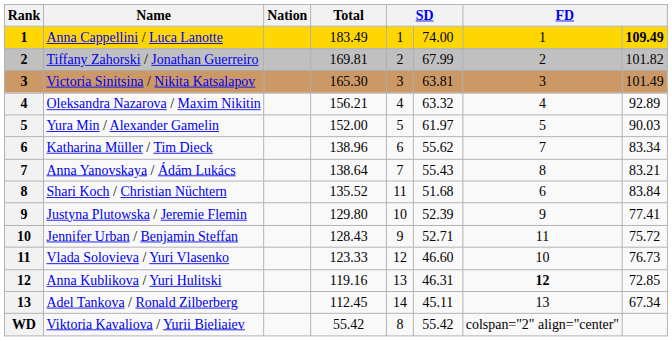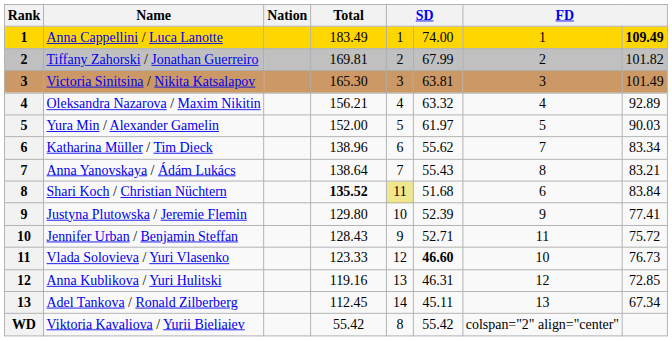 <table class="wikitable sortable">
 <tr>
 <th>Rank</th>
 <th>Name</th>
 <th>Nation</th>
 <th width="80px">Total</th>
 <th colspan="2" width="80px"><a href='#'>SD</a></th>
 <th colspan="2" width="80px"><a href='#'>FD</a></th>
 </tr>
 <tr bgcolor="gold">
 <td align="center"><strong>1</strong></td>
 <td><a href='#'>Anna Cappellini</a> / <a href='#'>Luca Lanotte</a></td>
 <td></td>
 <td align="center">183.49</td>
 <td align="center">1</td>
 <td align="center">74.00</td>
 <td align="center">1</td>
 <td align="center"><strong>109.49</strong></td>
 </tr>
 <tr bgcolor="silver">
 <td align="center"><strong>2</strong></td>
 <td><a href='#'>Tiffany Zahorski</a> / <a href='#'>Jonathan Guerreiro</a></td>
 <td></td>
 <td align="center">169.81</td>
 <td align="center">2</td>
 <td align="center">67.99</td>
 <td align="center">2</td>
 <td align="center">101.82</td>
 </tr>
 <tr bgcolor="cc9966">
 <td align="center"><strong>3</strong></td>
 <td><a href='#'>Victoria Sinitsina</a> / <a href='#'>Nikita Katsalapov</a></td>
 <td></td>
 <td align="center">165.30</td>
 <td align="center">3</td>
 <td align="center">63.81</td>
 <td align="center">3</td>
 <td align="center">101.49</td>
 </tr>
 <tr>
 <th>4</th>
 <td><a href='#'>Oleksandra Nazarova</a> / <a href='#'>Maxim Nikitin</a></td>
 <td></td>
 <td align="center">156.21</td>
 <td align="center">4</td>
 <td align="center">63.32</td>
 <td align="center">4</td>
 <td align="center">92.89</td>
 </tr>
 <tr>
 <th>5</th>
 <td><a href='#'>Yura Min</a> / <a href='#'>Alexander Gamelin</a></td>
 <td></td>
 <td align="center">152.00</td>
 <td align="center">5</td>
 <td align="center">61.97</td>
 <td align="center">5</td>
 <td align="center">90.03</td>
 </tr>
 <tr>
 <th>6</th>
 <td><a href='#'>Katharina Müller</a> / <a href='#'>Tim Dieck</a></td>
 <td></td>
 <td align="center">138.96</td>
 <td align="center">6</td>
 <td align="center">55.62</td>
 <td align="center">7</td>
 <td align="center">83.34</td>
 </tr>
 <tr>
 <th>7</th>
 <td><a href='#'>Anna Yanovskaya</a> / <a href='#'>Ádám Lukács</a></td>
 <td></td>
 <td align="center">138.64</td>
 <td align="center">7</td>
 <td align="center">55.43</td>
 <td align="center">8</td>
 <td align="center">83.21</td>
 </tr>
 <tr>
 <th>8</th>
 <td><a href='#'>Shari Koch</a> / <a href='#'>Christian Nüchtern</a></td>
 <td></td>
-<td align="center">135.52</td>
-<td align="center">11</td>
+<td align="center"><strong>135.52</strong></td>
+<td align="center" style="background: khaki;">11</td>
 <td align="center">51.68</td>
 <td align="center">6</td>
 <td align="center">83.84</td>
 </tr>
 <tr>
 <th>9</th>
 <td><a href='#'>Justyna Plutowska</a> / <a href='#'>Jeremie Flemin</a></td>
 <td></td>
 <td align="center">129.80</td>
 <td align="center">10</td>
 <td align="center">52.39</td>
 <td align="center">9</td>
 <td align="center">77.41</td>
 </tr>
 <tr>
 <th>10</th>
 <td><a href='#'>Jennifer Urban</a> / <a href='#'>Benjamin Steffan</a></td>
 <td></td>
 <td align="center">128.43</td>
 <td align="center">9</td>
 <td align="center">52.71</td>
 <td align="center">11</td>
 <td align="center">75.72</td>
 </tr>
 <tr>
 <th>11</th>
 <td><a href='#'>Vlada Solovieva</a> / <a href='#'>Yuri Vlasenko</a></td>
 <td></td>
 <td align="center">123.33</td>
 <td align="center">12</td>
-<td align="center">46.60</td>
+<td align="center"><strong>46.60</strong></td>
 <td align="center">10</td>
 <td align="center">76.73</td>
 </tr>
 <tr>
 <th>12</th>
 <td><a href='#'>Anna Kublikova</a> / <a href='#'>Yuri Hulitski</a></td>
 <td></td>
 <td align="center">119.16</td>
 <td align="center">13</td>
 <td align="center">46.31</td>
-<td align="center"><strong>12</strong></td>
+<td align="center">12</td>
 <td align="center">72.85</td>
 </tr>
 <tr>
 <th>13</th>
 <td><a href='#'>Adel Tankova</a> / <a href='#'>Ronald Zilberberg</a></td>
 <td></td>
 <td align="center">112.45</td>
 <td align="center">14</td>
 <td align="center">45.11</td>
 <td align="center">13</td>
 <td align="center">67.34</td>
 </tr>
 <tr>
 <th>WD</th>
 <td><a href='#'>Viktoria Kavaliova</a> / <a href='#'>Yurii Bieliaiev</a></td>
 <td></td>
 <td align="center">55.42</td>
 <td align="center">8</td>
 <td align="center">55.42</td>
 <td>colspan="2" align="center" </td>
 </tr>
 </table>
